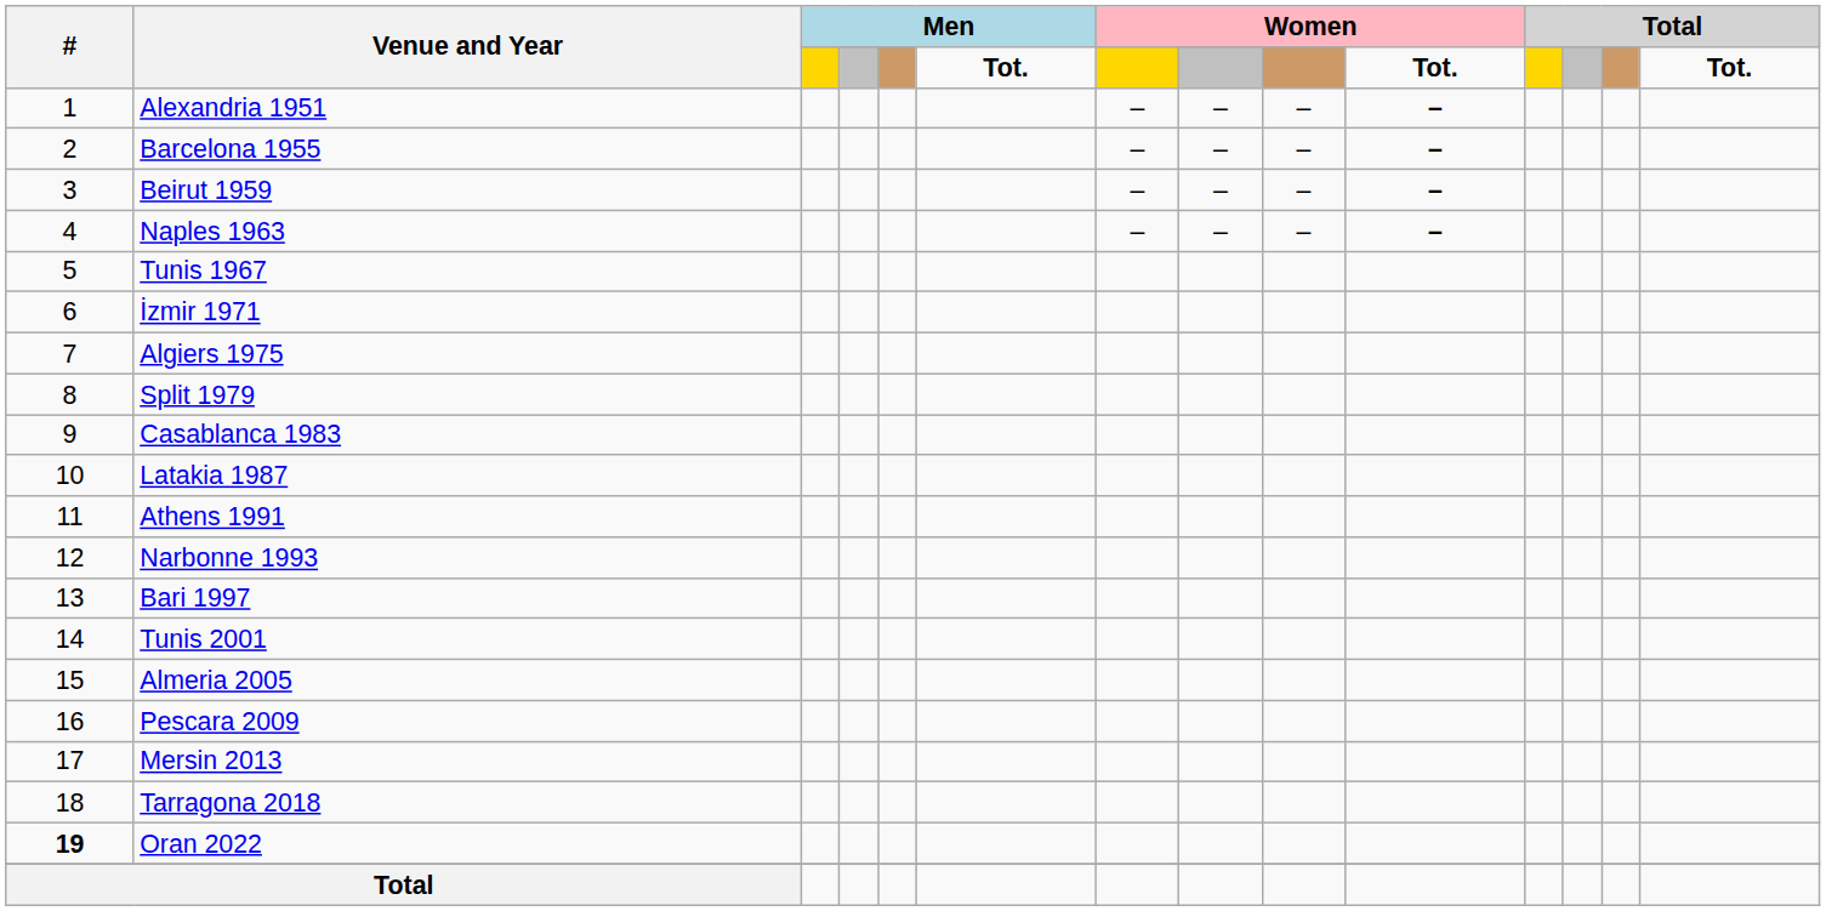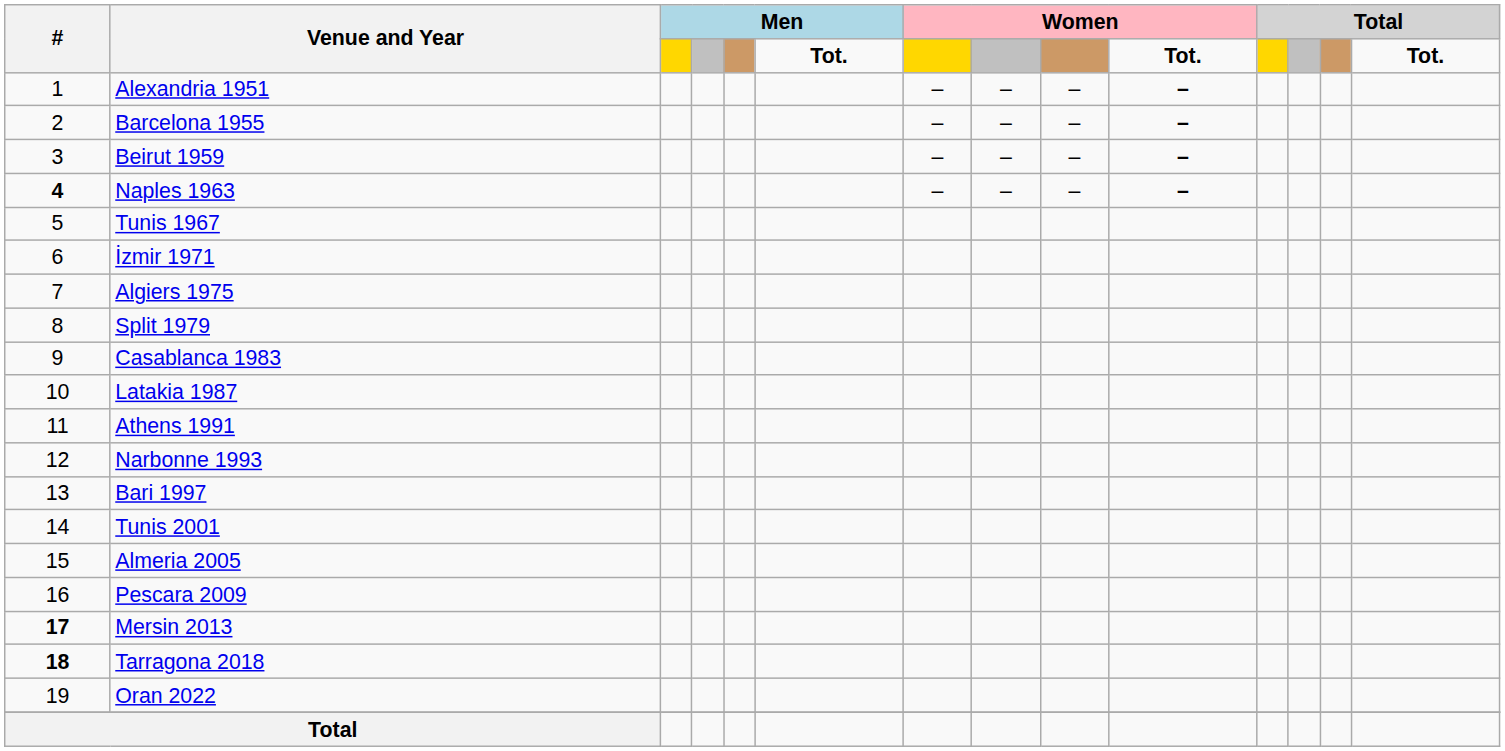 <table class="wikitable" width=80% style="font-size:90%; text-align:center;">
 <tr>
 <th rowspan=2>#</th>
 <th rowspan=2>Venue and Year</th>
 <th colspan=4; style="background-color:lightblue">Men</th>
 <th colspan=4; style="background-color:lightpink">Women</th>
 <th colspan=4; style="background-color:lightgrey">Total</th>
 </tr>
 <tr>
 <td bgcolor=gold></td>
 <td bgcolor=silver></td>
 <td bgcolor=cc9966></td>
 <td><strong>Tot.</strong></td>
 <td bgcolor=gold></td>
 <td bgcolor=silver></td>
 <td bgcolor=cc9966></td>
 <td><strong>Tot.</strong></td>
 <td bgcolor=gold></td>
 <td bgcolor=silver></td>
 <td bgcolor=cc9966></td>
 <td><strong>Tot.</strong></td>
 </tr>
 <tr>
 <td align=center>1</td>
 <td align=left> <a href='#'>Alexandria 1951</a></td>
 <td></td>
 <td></td>
 <td></td>
 <td></td>
 <td>–</td>
 <td>–</td>
 <td>–</td>
 <td><strong>–</strong></td>
 <td></td>
 <td></td>
 <td></td>
 <td><strong> </strong></td>
 </tr>
 <tr>
 <td align=center>2</td>
 <td align=left> <a href='#'>Barcelona 1955</a></td>
 <td></td>
 <td></td>
 <td></td>
 <td><strong> </strong></td>
 <td>–</td>
 <td>–</td>
 <td>–</td>
 <td><strong>–</strong></td>
 <td></td>
 <td></td>
 <td></td>
 <td><strong> </strong></td>
 </tr>
 <tr>
 <td align=center>3</td>
 <td align=left> <a href='#'>Beirut 1959</a></td>
 <td></td>
 <td></td>
 <td></td>
 <td><strong> </strong></td>
 <td>–</td>
 <td>–</td>
 <td>–</td>
 <td><strong>–</strong></td>
 <td></td>
 <td></td>
 <td></td>
 <td><strong> </strong></td>
 </tr>
 <tr>
-<td align=center>4</td>
+<td align=center><strong>4</strong></td>
 <td align=left> <a href='#'>Naples 1963</a></td>
 <td></td>
 <td></td>
 <td></td>
 <td><strong> </strong></td>
 <td>–</td>
 <td>–</td>
 <td>–</td>
 <td><strong>–</strong></td>
 <td></td>
 <td></td>
 <td></td>
 <td><strong> </strong></td>
 </tr>
 <tr>
 <td align=center>5</td>
 <td align=left> <a href='#'>Tunis 1967</a></td>
 <td></td>
 <td></td>
 <td></td>
 <td><strong> </strong></td>
 <td></td>
 <td></td>
 <td></td>
 <td><strong> </strong></td>
 <td></td>
 <td></td>
 <td></td>
 <td><strong> </strong></td>
 </tr>
 <tr>
 <td align=center>6</td>
 <td align=left> <a href='#'>İzmir 1971</a></td>
 <td></td>
 <td></td>
 <td></td>
 <td><strong> </strong></td>
 <td></td>
 <td></td>
 <td></td>
 <td><strong> </strong></td>
 <td></td>
 <td></td>
 <td></td>
 <td><strong> </strong></td>
 </tr>
 <tr>
 <td align=center>7</td>
 <td align=left> <a href='#'>Algiers 1975</a></td>
 <td></td>
 <td></td>
 <td></td>
 <td><strong> </strong></td>
 <td></td>
 <td></td>
 <td></td>
 <td><strong> </strong></td>
 <td></td>
 <td></td>
 <td></td>
 <td><strong> </strong></td>
 </tr>
 <tr>
 <td align=center>8</td>
 <td align=left> <a href='#'>Split 1979</a></td>
 <td></td>
 <td></td>
 <td></td>
 <td><strong> </strong></td>
 <td></td>
 <td></td>
 <td></td>
 <td><strong> </strong></td>
 <td></td>
 <td></td>
 <td></td>
 <td><strong> </strong></td>
 </tr>
 <tr>
 <td align=center>9</td>
 <td align=left> <a href='#'>Casablanca 1983</a></td>
 <td></td>
 <td></td>
 <td></td>
 <td><strong> </strong></td>
 <td></td>
 <td></td>
 <td></td>
 <td><strong> </strong></td>
 <td></td>
 <td></td>
 <td></td>
 <td><strong> </strong></td>
 </tr>
 <tr>
 <td align=center>10</td>
 <td align=left> <a href='#'>Latakia 1987</a></td>
 <td></td>
 <td></td>
 <td></td>
 <td><strong> </strong></td>
 <td></td>
 <td></td>
 <td></td>
 <td><strong> </strong></td>
 <td></td>
 <td></td>
 <td></td>
 <td><strong> </strong></td>
 </tr>
 <tr>
 <td align=center>11</td>
 <td align=left> <a href='#'>Athens 1991</a></td>
 <td></td>
 <td></td>
 <td></td>
 <td><strong> </strong></td>
 <td></td>
 <td></td>
 <td></td>
 <td><strong> </strong></td>
 <td></td>
 <td></td>
 <td></td>
 <td><strong> </strong></td>
 </tr>
 <tr>
 <td align=center>12</td>
 <td align=left> <a href='#'>Narbonne 1993</a></td>
 <td></td>
 <td></td>
 <td></td>
 <td><strong> </strong></td>
 <td></td>
 <td></td>
 <td></td>
 <td><strong> </strong></td>
 <td></td>
 <td></td>
 <td></td>
 <td><strong> </strong></td>
 </tr>
 <tr>
 <td align=center>13</td>
 <td align=left> <a href='#'>Bari 1997</a></td>
 <td></td>
 <td></td>
 <td></td>
 <td><strong> </strong></td>
 <td></td>
 <td></td>
 <td></td>
 <td><strong> </strong></td>
 <td></td>
 <td></td>
 <td></td>
 <td><strong> </strong></td>
 </tr>
 <tr>
 <td align=center>14</td>
 <td align=left> <a href='#'>Tunis 2001</a></td>
 <td></td>
 <td></td>
 <td></td>
 <td><strong> </strong></td>
 <td></td>
 <td></td>
 <td></td>
 <td><strong> </strong></td>
 <td></td>
 <td></td>
 <td></td>
 <td><strong> </strong></td>
 </tr>
 <tr>
 <td align=center>15</td>
 <td align=left> <a href='#'>Almeria 2005</a></td>
 <td></td>
 <td></td>
 <td></td>
 <td><strong> </strong></td>
 <td></td>
 <td></td>
 <td></td>
 <td><strong> </strong></td>
 <td></td>
 <td></td>
 <td></td>
 <td><strong> </strong></td>
 </tr>
 <tr>
 <td align=center>16</td>
 <td align=left> <a href='#'>Pescara 2009</a></td>
 <td></td>
 <td></td>
 <td></td>
 <td><strong> </strong></td>
 <td></td>
 <td></td>
 <td></td>
 <td><strong> </strong></td>
 <td></td>
 <td></td>
 <td></td>
 <td><strong> </strong></td>
 </tr>
 <tr>
-<td align=center>17</td>
+<td align=center><strong>17</strong></td>
 <td align=left> <a href='#'>Mersin 2013</a></td>
 <td></td>
 <td></td>
 <td></td>
 <td><strong> </strong></td>
 <td></td>
 <td></td>
 <td></td>
 <td><strong> </strong></td>
 <td></td>
 <td></td>
 <td></td>
 <td><strong> </strong></td>
 </tr>
 <tr>
-<td align=center>18</td>
+<td align=center><strong>18</strong></td>
 <td align=left> <a href='#'>Tarragona 2018</a></td>
 <td></td>
 <td></td>
 <td></td>
 <td><strong> </strong></td>
 <td></td>
 <td></td>
 <td></td>
 <td><strong> </strong></td>
 <td></td>
 <td></td>
 <td></td>
 <td><strong> </strong></td>
 </tr>
 <tr>
-<td align=center><strong>19</strong></td>
+<td align=center>19</td>
 <td align=left> <a href='#'>Oran 2022</a></td>
 <td></td>
 <td></td>
 <td></td>
 <td><strong> </strong></td>
 <td></td>
 <td></td>
 <td></td>
 <td><strong> </strong></td>
 <td></td>
 <td></td>
 <td></td>
 <td><strong> </strong></td>
 </tr>
 <tr>
 </tr>
 <tr style="width:4em;">
 <th colspan=2>Total</th>
 <td></td>
 <td></td>
 <td></td>
 <td><strong> </strong></td>
 <td></td>
 <td></td>
 <td></td>
 <td><strong> </strong></td>
 <td></td>
 <td></td>
 <td></td>
 <td><strong> </strong></td>
 </tr>
 </table>
